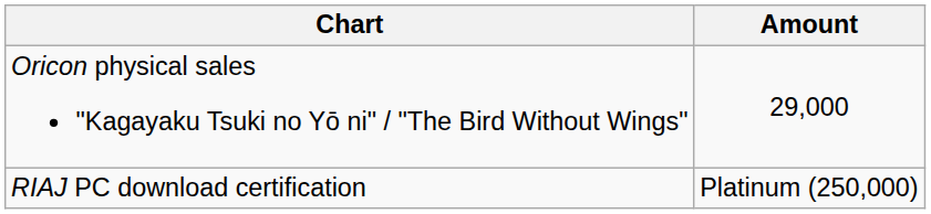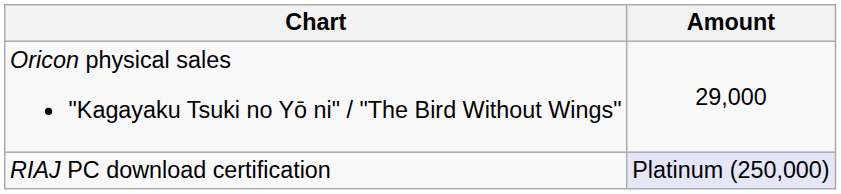 <table class="wikitable">
 <tr>
 <th>Chart</th>
 <th>Amount</th>
 </tr>
 <tr>
 <td><em>Oricon</em> physical sales<br><ul><li>"Kagayaku Tsuki no Yō ni" / "The Bird Without Wings"</li></ul></td>
 <td align="center">29,000</td>
 </tr>
 <tr>
 <td><em>RIAJ</em> PC download certification</td>
-<td align="center">Platinum (250,000)</td>
+<td align="center" style="background: lavender;">Platinum (250,000)</td>
 </tr>
 </table>
